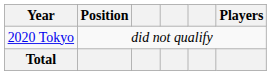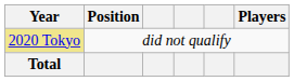 <table class="wikitable" style="text-align: center;">
 <tr>
 <th>Year</th>
 <th>Position</th>
 <th width=25px></th>
 <th width=25px></th>
 <th width=25px></th>
 <th>Players</th>
 </tr>
 <tr>
-<td style="text-align: left;"> <a href='#'>2020 Tokyo</a></td>
+<td style="background: khaki; text-align: left;"> <a href='#'>2020 Tokyo</a></td>
 <td colspan=5><em>did not qualify</em></td>
 </tr>
 <tr>
 <th>Total</th>
 <th></th>
 <th></th>
 <th></th>
 <th></th>
 <th></th>
 </tr>
 </table>
